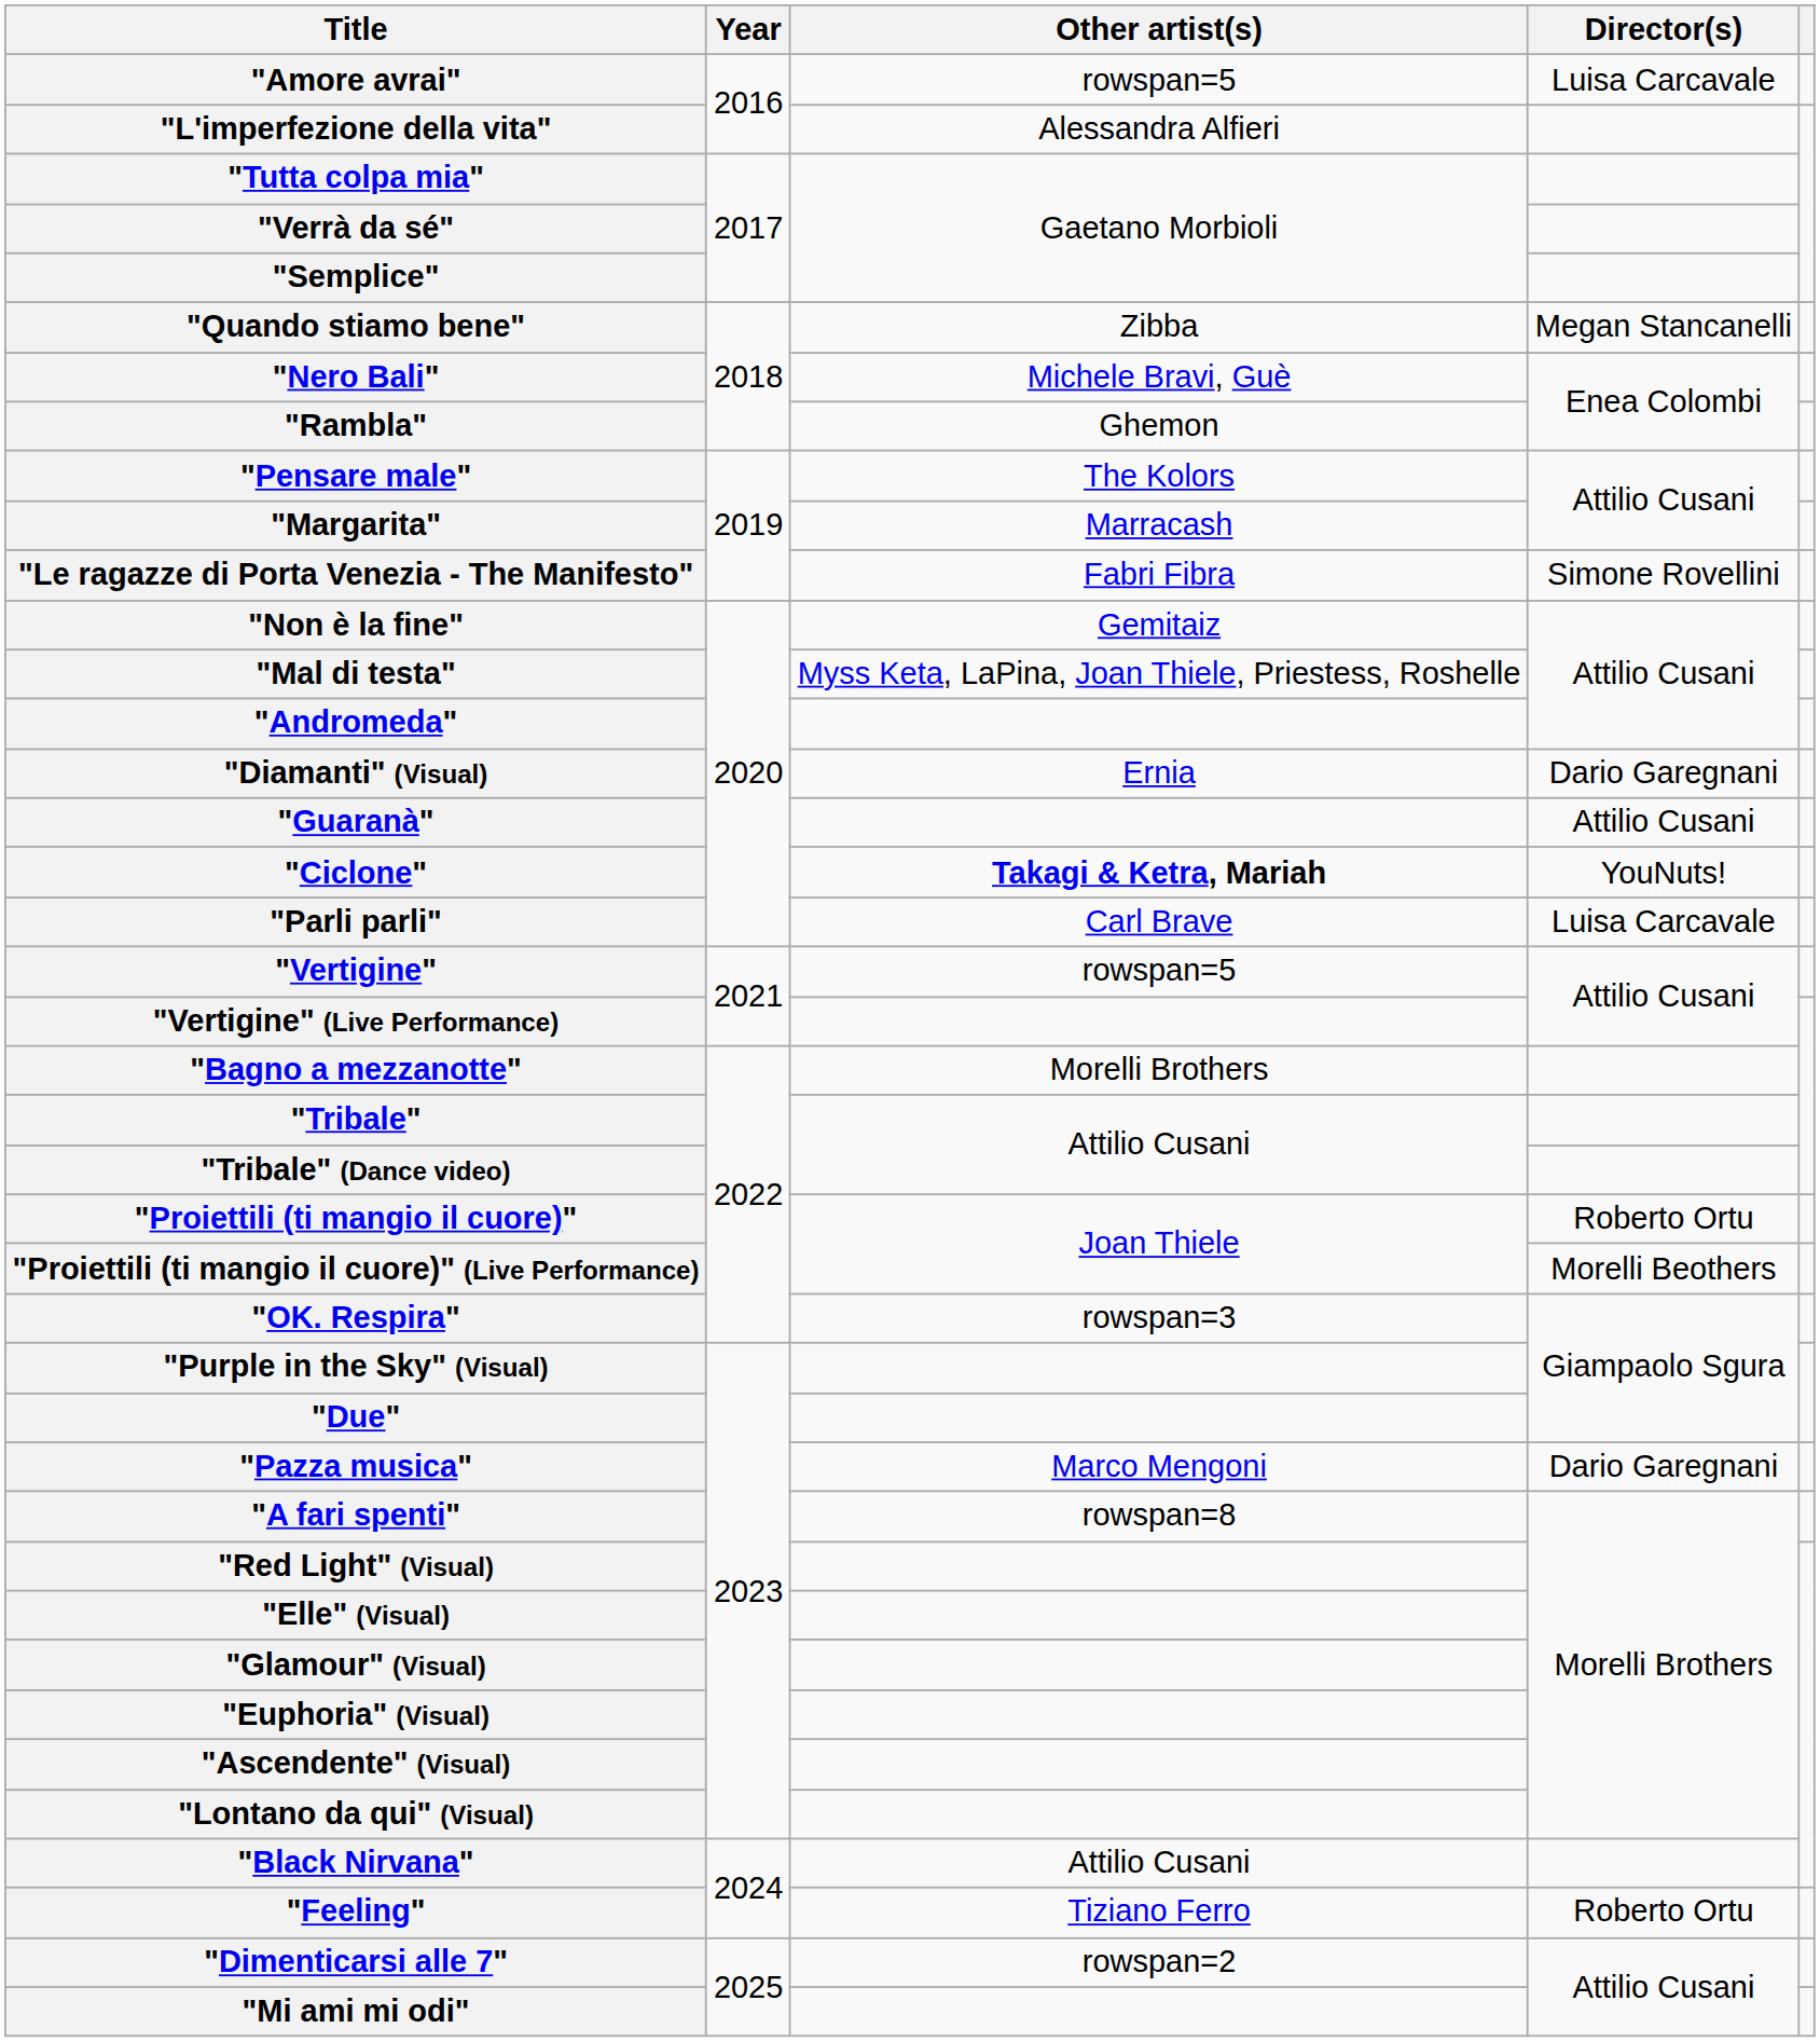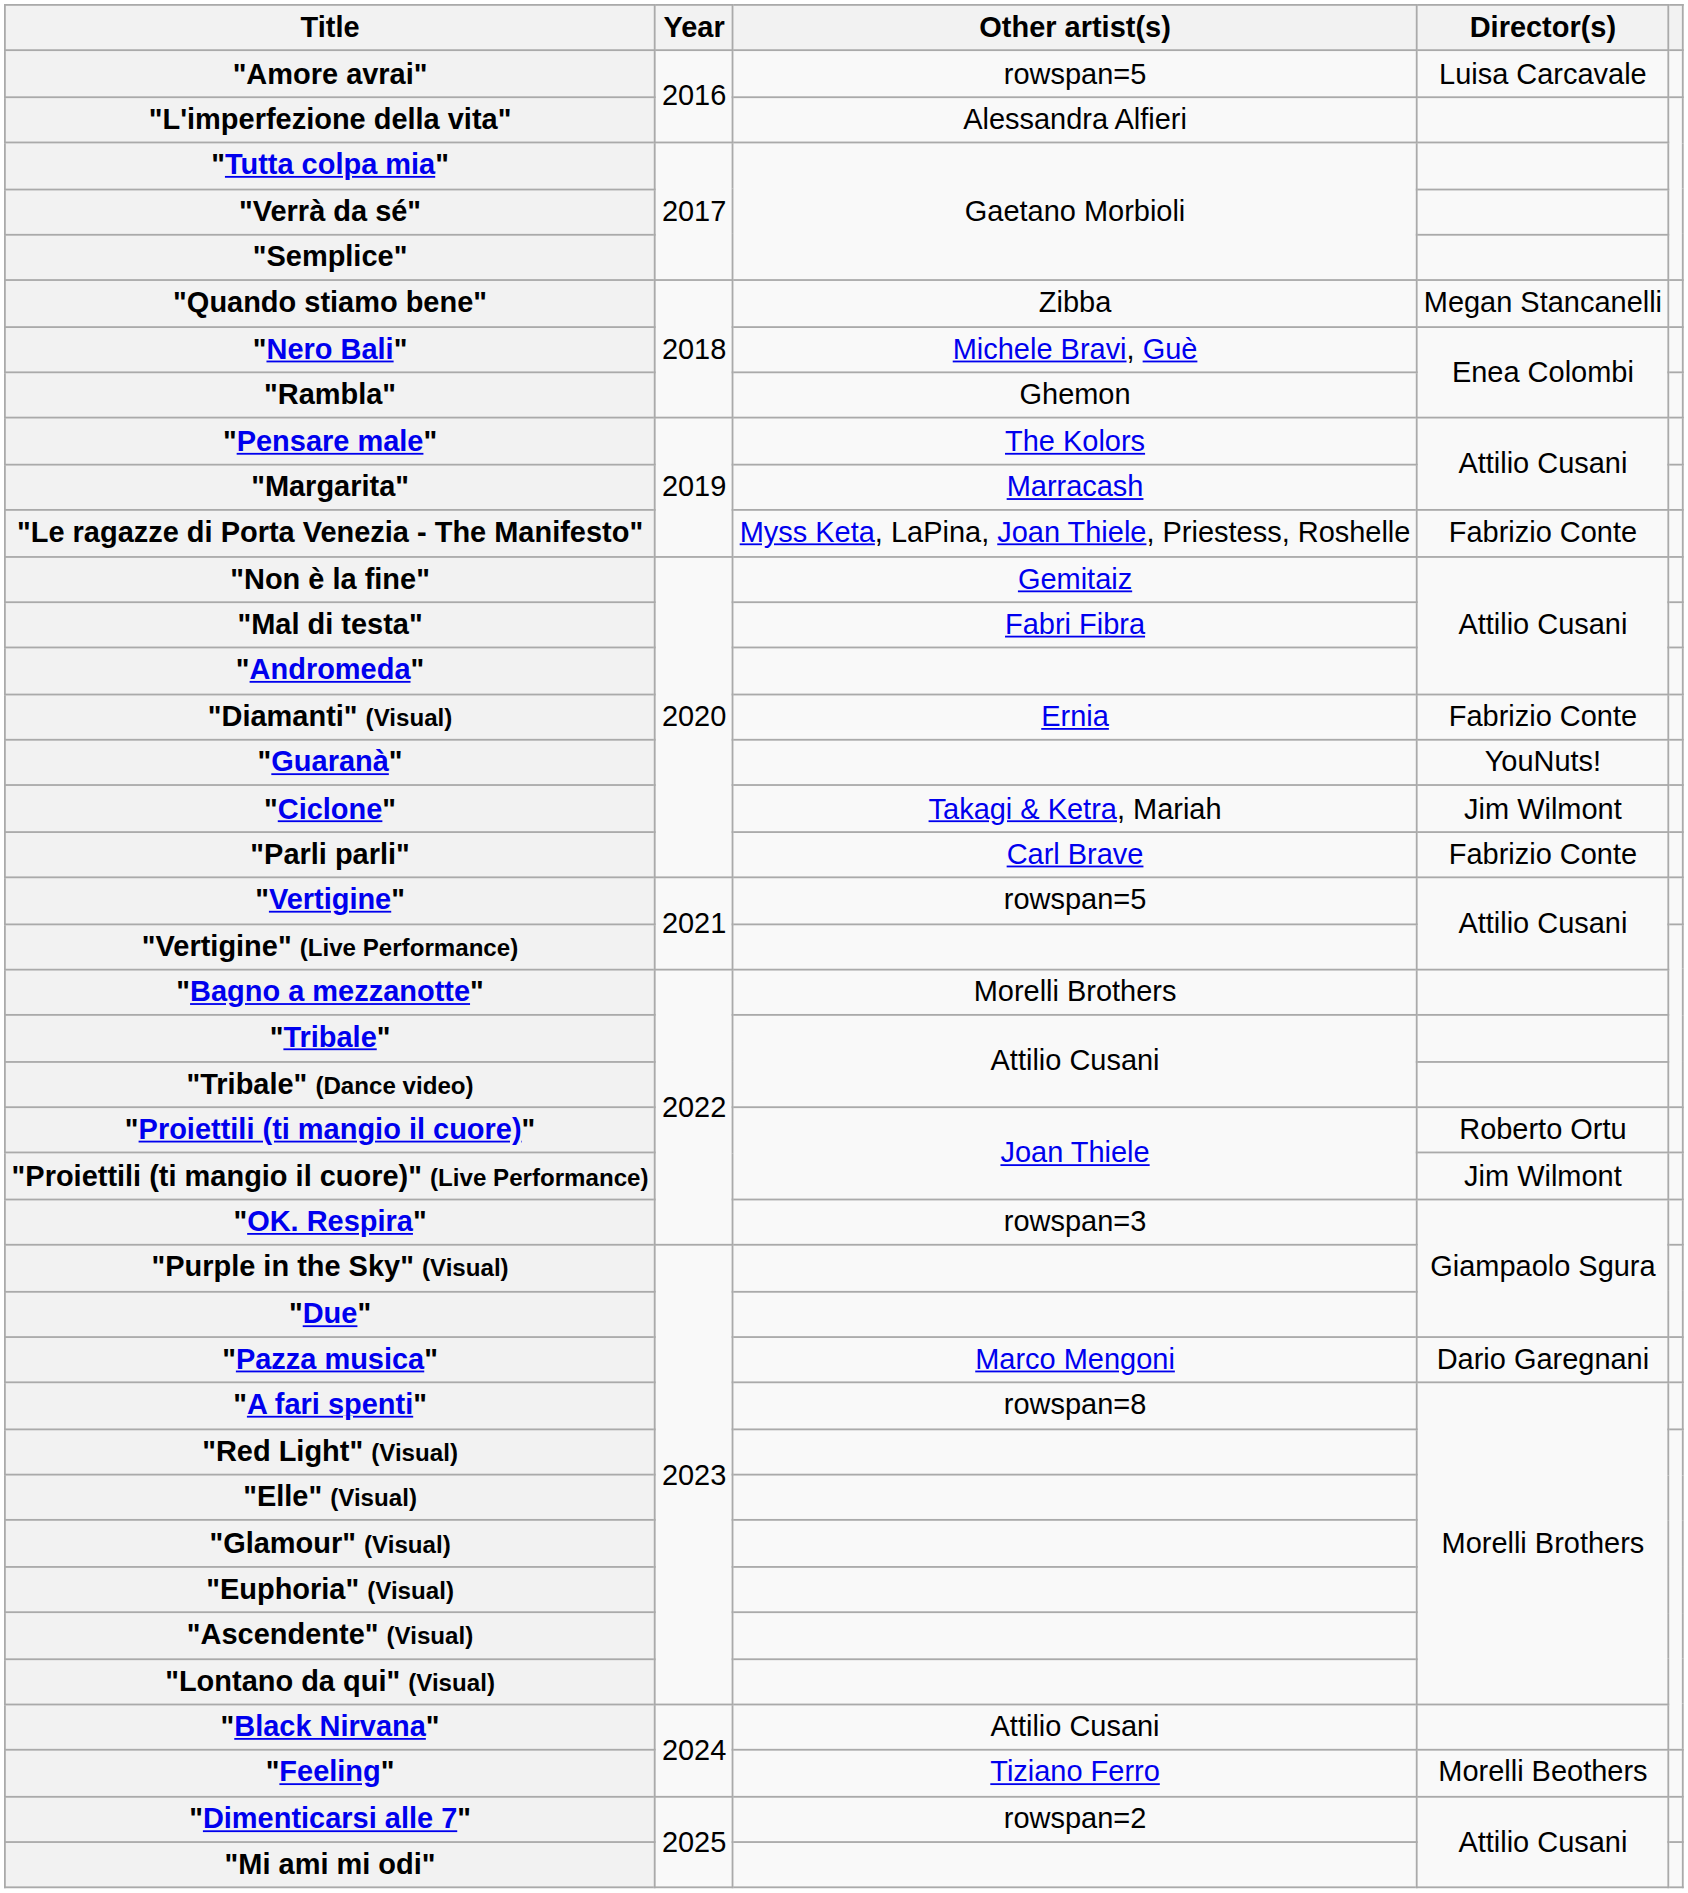 <table class="wikitable sortable plainrowheaders" style="text-align:center">
 <tr>
 <th scope="col">Title</th>
 <th scope="col">Year</th>
 <th scope="col">Other artist(s)</th>
 <th scope="col">Director(s)</th>
 <th scope="col" class=unsortable></th>
 </tr>
 <tr>
 <th scope=row>"Amore avrai"</th>
 <td rowspan=2>2016</td>
 <td>rowspan=5 </td>
 <td>Luisa Carcavale</td>
 <td></td>
 </tr>
 <tr>
 <th scope=row>"L'imperfezione della vita"</th>
 <td>Alessandra Alfieri</td>
 <td></td>
 </tr>
 <tr>
 <th scope=row>"<a href='#'>Tutta colpa mia</a>"</th>
 <td rowspan=3>2017</td>
 <td rowspan=3>Gaetano Morbioli</td>
 <td></td>
 </tr>
 <tr>
 <th scope=row>"Verrà da sé"</th>
 <td></td>
 </tr>
 <tr>
 <th scope=row>"Semplice"</th>
 <td></td>
 </tr>
 <tr>
 <th scope=row>"Quando stiamo bene"</th>
 <td rowspan=3>2018</td>
 <td>Zibba</td>
 <td>Megan Stancanelli</td>
 <td></td>
 </tr>
 <tr>
 <th scope=row>"<a href='#'>Nero Bali</a>"</th>
 <td><a href='#'>Michele Bravi</a>, <a href='#'>Guè</a></td>
 <td rowspan=2>Enea Colombi</td>
 <td></td>
 </tr>
 <tr>
 <th scope=row>"Rambla"</th>
 <td>Ghemon</td>
 <td></td>
 </tr>
 <tr>
 <th scope=row>"<a href='#'>Pensare male</a>"</th>
 <td rowspan=3>2019</td>
 <td><a href='#'>The Kolors</a></td>
 <td rowspan=2>Attilio Cusani</td>
 <td></td>
 </tr>
 <tr>
 <th scope=row>"Margarita"</th>
 <td><a href='#'>Marracash</a></td>
 <td></td>
 </tr>
 <tr>
 <th scope=row>"Le ragazze di Porta Venezia - The Manifesto"</th>
-<td><a href='#'>Fabri Fibra</a></td>
-<td>Simone Rovellini</td>
+<td><a href='#'>Myss Keta</a>, LaPina, <a href='#'>Joan Thiele</a>, Priestess, Roshelle</td>
+<td>Fabrizio Conte</td>
 <td></td>
 </tr>
 <tr>
 <th scope=row>"Non è la fine"</th>
 <td rowspan=7>2020</td>
 <td><a href='#'>Gemitaiz</a></td>
 <td rowspan=3>Attilio Cusani</td>
 <td></td>
 </tr>
 <tr>
 <th scope=row>"Mal di testa"</th>
-<td><a href='#'>Myss Keta</a>, LaPina, <a href='#'>Joan Thiele</a>, Priestess, Roshelle</td>
+<td><a href='#'>Fabri Fibra</a></td>
 <td></td>
 </tr>
 <tr>
 <th scope=row>"<a href='#'>Andromeda</a>"</th>
 <td></td>
 <td></td>
 </tr>
 <tr>
 <th scope=row>"Diamanti" <small>(Visual)</small></th>
 <td><a href='#'>Ernia</a></td>
-<td>Dario Garegnani</td>
+<td>Fabrizio Conte</td>
 <td></td>
 </tr>
 <tr>
 <th scope=row>"<a href='#'>Guaranà</a>"</th>
 <td></td>
-<td>Attilio Cusani</td>
+<td>YouNuts!</td>
 <td></td>
 </tr>
 <tr>
 <th scope=row>"<a href='#'>Ciclone</a>"</th>
-<td><strong><a href='#'>Takagi & Ketra</a>, Mariah</strong></td>
-<td>YouNuts!</td>
+<td><a href='#'>Takagi & Ketra</a>, Mariah</td>
+<td>Jim Wilmont</td>
 <td></td>
 </tr>
 <tr>
 <th scope=row>"Parli parli"</th>
 <td><a href='#'>Carl Brave</a></td>
-<td>Luisa Carcavale</td>
+<td>Fabrizio Conte</td>
 <td></td>
 </tr>
 <tr>
 <th scope=row>"<a href='#'>Vertigine</a>"</th>
 <td rowspan=2>2021</td>
 <td>rowspan=5 </td>
 <td rowspan=2>Attilio Cusani</td>
 <td></td>
 </tr>
 <tr>
 <th scope=row>"Vertigine" <small>(Live Performance)</small></th>
 <td></td>
 </tr>
 <tr>
 <th scope=row>"<a href='#'>Bagno a mezzanotte</a>"</th>
 <td rowspan=6>2022</td>
 <td>Morelli Brothers</td>
 <td></td>
 </tr>
 <tr>
 <th scope=row>"<a href='#'>Tribale</a>"</th>
 <td rowspan=2>Attilio Cusani</td>
 <td></td>
 </tr>
 <tr>
 <th scope=row>"Tribale" <small>(Dance video)</small></th>
 <td></td>
 </tr>
 <tr>
 <th scope=row>"<a href='#'>Proiettili (ti mangio il cuore)</a>"</th>
 <td rowspan=2><a href='#'>Joan Thiele</a></td>
 <td>Roberto Ortu</td>
 <td></td>
 </tr>
 <tr>
 <th scope=row>"Proiettili (ti mangio il cuore)" <small>(Live Performance)</small></th>
-<td>Morelli Beothers</td>
+<td>Jim Wilmont</td>
 <td></td>
 </tr>
 <tr>
 <th scope=row>"<a href='#'>OK. Respira</a>"</th>
 <td>rowspan=3 </td>
 <td rowspan=3>Giampaolo Sgura</td>
 <td></td>
 </tr>
 <tr>
 <th scope=row>"Purple in the Sky" <small>(Visual)</small></th>
 <td rowspan=10>2023</td>
 <td></td>
 </tr>
 <tr>
 <th scope=row>"<a href='#'>Due</a>"</th>
 <td></td>
 </tr>
 <tr>
 <th scope=row>"<a href='#'>Pazza musica</a>"</th>
 <td><a href='#'>Marco Mengoni</a></td>
 <td>Dario Garegnani</td>
 <td></td>
 </tr>
 <tr>
 <th scope=row>"<a href='#'>A fari spenti</a>"</th>
 <td>rowspan=8 </td>
 <td rowspan=7>Morelli Brothers</td>
 <td></td>
 </tr>
 <tr>
 <th scope=row>"Red Light" <small>(Visual)</small></th>
 <td></td>
 </tr>
 <tr>
 <th scope=row>"Elle" <small>(Visual)</small></th>
 <td></td>
 </tr>
 <tr>
 <th scope=row>"Glamour" <small>(Visual)</small></th>
 <td></td>
 </tr>
 <tr>
 <th scope=row>"Euphoria" <small>(Visual)</small></th>
 <td></td>
 </tr>
 <tr>
 <th scope=row>"Ascendente" <small>(Visual)</small></th>
 <td></td>
 </tr>
 <tr>
 <th scope=row>"Lontano da qui" <small>(Visual)</small></th>
 <td></td>
 </tr>
 <tr>
 <th scope=row>"<a href='#'>Black Nirvana</a>"</th>
 <td rowspan=2>2024</td>
 <td>Attilio Cusani</td>
 <td></td>
 </tr>
 <tr>
 <th scope=row>"<a href='#'>Feeling</a>"</th>
 <td><a href='#'>Tiziano Ferro</a></td>
-<td>Roberto Ortu</td>
+<td>Morelli Beothers</td>
 <td></td>
 </tr>
 <tr>
 <th scope=row>"<a href='#'>Dimenticarsi alle 7</a>"</th>
 <td rowspan=2>2025</td>
 <td>rowspan=2 </td>
 <td rowspan=2>Attilio Cusani</td>
 <td></td>
 </tr>
 <tr>
 <th scope=row>"Mi ami mi odi"</th>
 </tr>
 </table>
